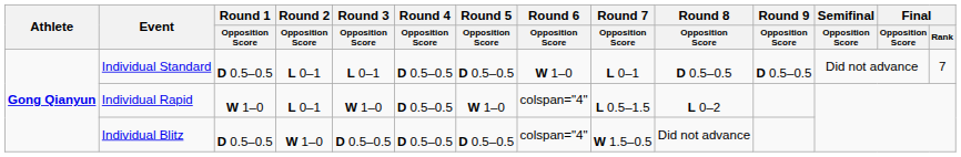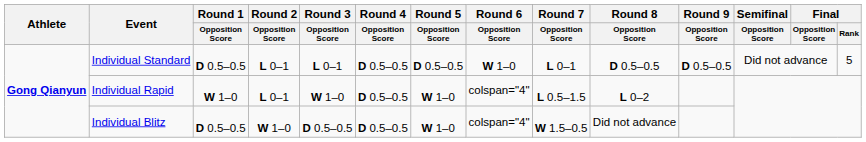 <table class="wikitable" style="font-size:90%">
 <tr>
 <th rowspan="2">Athlete</th>
 <th rowspan="2">Event</th>
 <th>Round 1</th>
 <th>Round 2</th>
 <th>Round 3</th>
 <th>Round 4</th>
 <th>Round 5</th>
 <th>Round 6</th>
 <th>Round 7</th>
 <th>Round 8</th>
 <th>Round 9</th>
 <th>Semifinal</th>
 <th colspan="2">Final</th>
 </tr>
 <tr style="font-size:70%", align="center">
 <th>Opposition<br>Score</th>
 <th>Opposition<br>Score</th>
 <th>Opposition<br>Score</th>
 <th>Opposition<br>Score</th>
 <th>Opposition<br>Score</th>
 <th>Opposition<br>Score</th>
 <th>Opposition<br>Score</th>
 <th>Opposition<br>Score</th>
 <th>Opposition<br>Score</th>
 <th>Opposition<br>Score</th>
 <th>Opposition<br>Score</th>
 <th>Rank</th>
 </tr>
 <tr align="center">
 <td rowspan="3" align="left"><strong><a href='#'>Gong Qianyun</a></strong></td>
 <td align="left"><a href='#'>Individual Standard</a></td>
 <td><br><strong>D</strong> 0.5–0.5</td>
 <td><br><strong>L</strong> 0–1</td>
 <td><br><strong>L</strong> 0–1</td>
 <td><br><strong>D</strong> 0.5–0.5</td>
 <td><br><strong>D</strong> 0.5–0.5</td>
 <td><br><strong>W</strong> 1–0</td>
 <td><br><strong>L</strong> 0–1</td>
 <td><br><strong>D</strong> 0.5–0.5</td>
 <td><br><strong>D</strong> 0.5–0.5</td>
 <td colspan="2">Did not advance</td>
-<td>7</td>
+<td>5</td>
 </tr>
 <tr align="center">
 <td align="left"><a href='#'>Individual Rapid</a></td>
 <td><br><strong>W</strong> 1–0</td>
 <td><br><strong>L</strong> 0–1</td>
 <td><br><strong>W</strong> 1–0</td>
 <td><br><strong>D</strong> 0.5–0.5</td>
 <td><br><strong>W</strong> 1–0</td>
 <td>colspan="4"  </td>
 <td><br><strong>L</strong> 0.5–1.5</td>
 <td><br><strong>L</strong> 0–2</td>
 <td></td>
 </tr>
 <tr align="center">
 <td align="left"><a href='#'>Individual Blitz</a></td>
 <td><br><strong>D</strong> 0.5–0.5</td>
 <td><br><strong>W</strong> 1–0</td>
 <td><br><strong>D</strong> 0.5–0.5</td>
 <td><br><strong>D</strong> 0.5–0.5</td>
-<td><br><strong>D</strong> 0.5–0.5</td>
+<td><br><strong>W</strong> 1–0</td>
 <td>colspan="4"  </td>
 <td><br><strong>W</strong> 1.5–0.5</td>
 <td>Did not advance</td>
 <td></td>
 </tr>
 </table>
